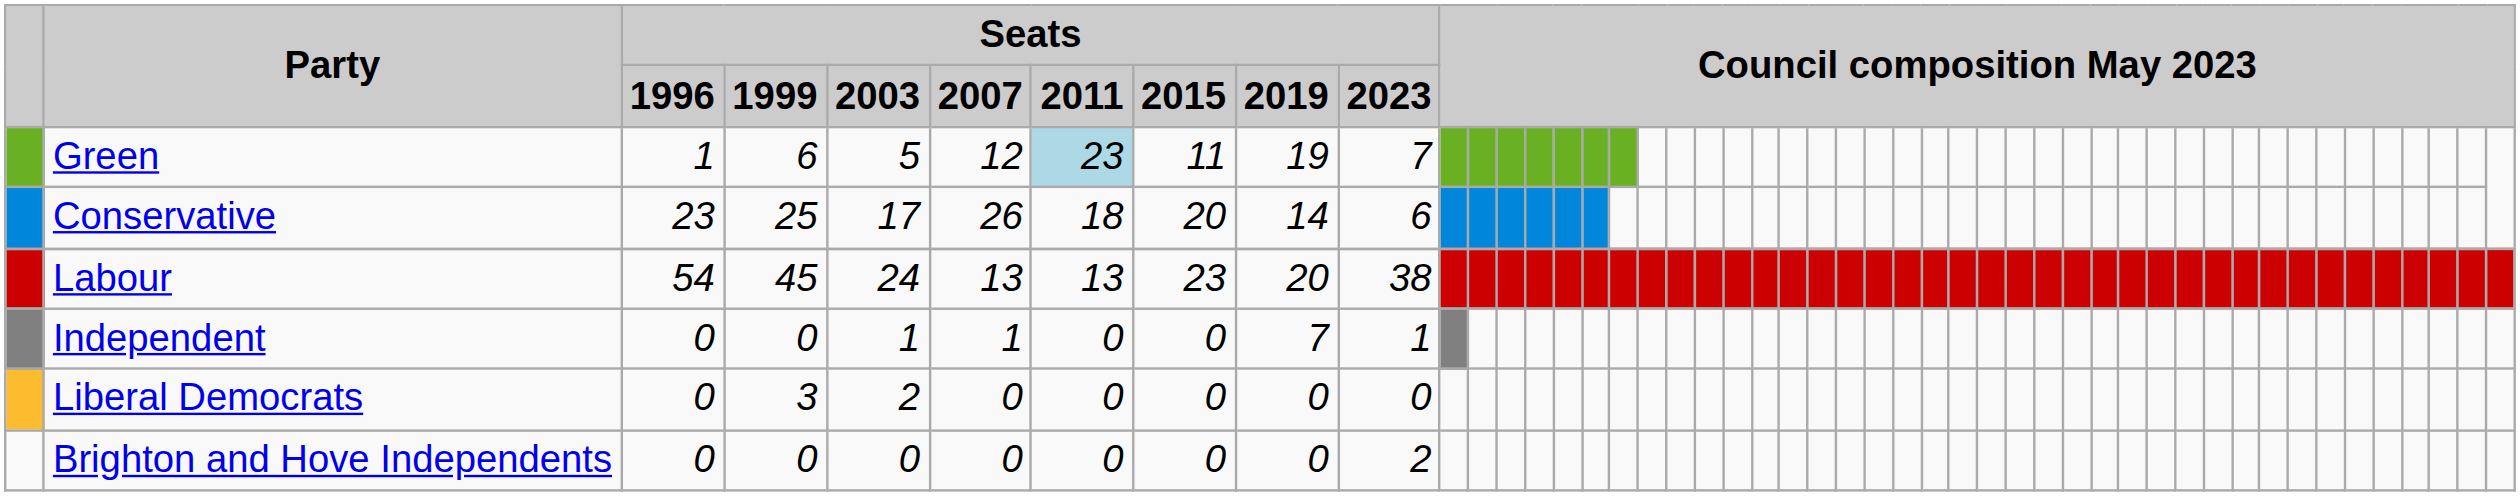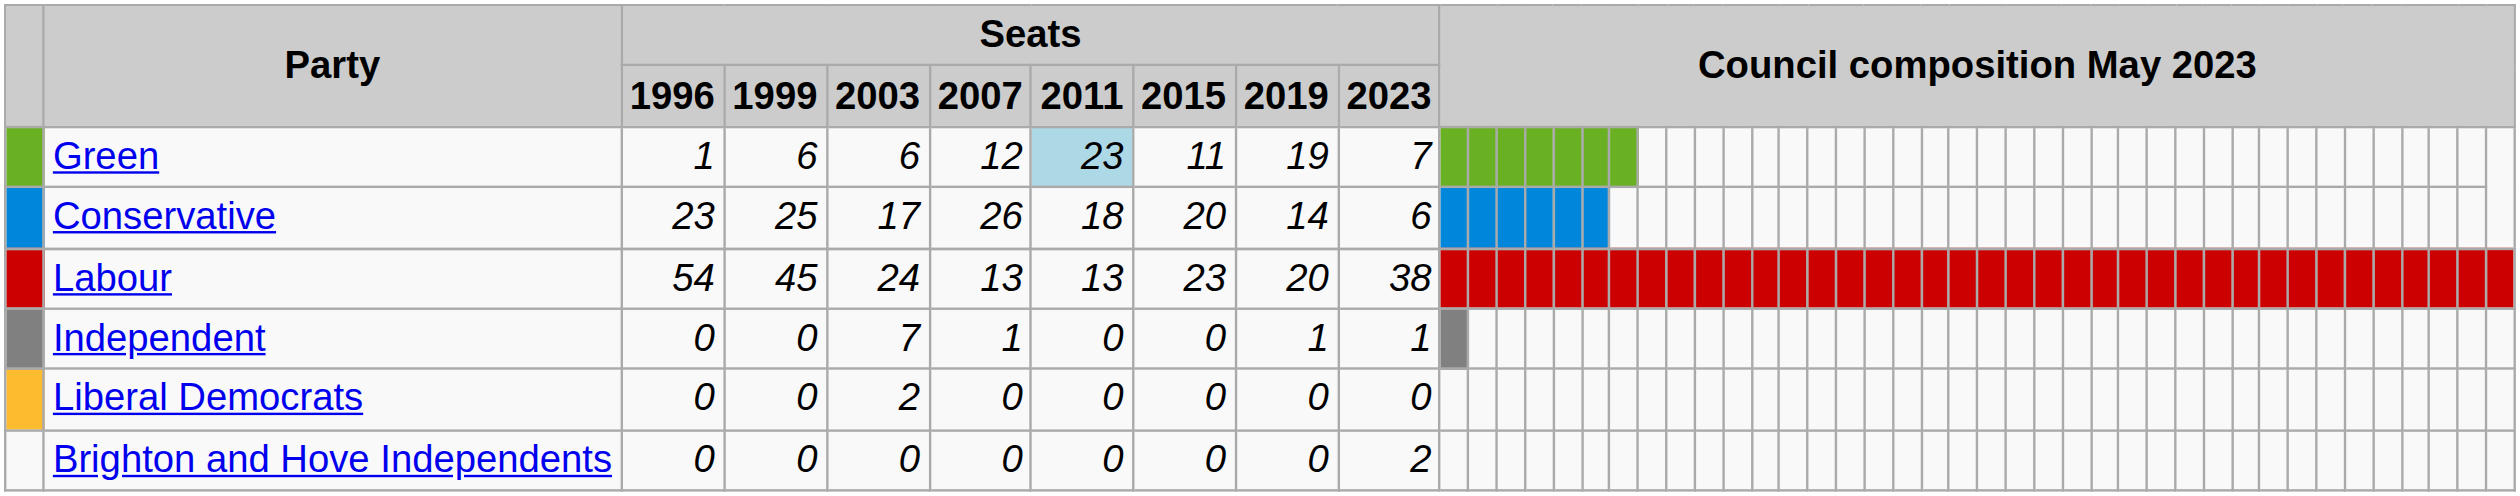 <table class="wikitable">
 <tr>
 <th style="background:#ccc" rowspan="2">  </th>
 <th style="background:#ccc" rowspan="2">Party</th>
 <th style="background:#ccc" colspan="8">Seats</th>
 <th style="background:#ccc" colspan="54" rowspan="2">Council composition May 2023</th>
 </tr>
 <tr>
 <th style="background:#ccc">1996</th>
 <th style="background:#ccc">1999</th>
 <th style="background:#ccc">2003</th>
 <th style="background:#ccc">2007</th>
 <th style="background:#ccc">2011</th>
 <th style="background:#ccc">2015</th>
 <th style="background:#ccc">2019</th>
 <th style="background:#ccc">2023</th>
 </tr>
 <tr>
 <td style="background:#6AB023"> </td>
 <td><a href='#'>Green</a></td>
 <td style="text-align: right"><em>1</em></td>
 <td style="text-align: right"><em>6</em></td>
-<td style="text-align: right"><em>5</em></td>
+<td style="text-align: right"><em>6</em></td>
 <td style="text-align: right"><em>12</em></td>
 <td style="background: lightblue; text-align: right"><em>23</em></td>
 <td style="text-align: right"><em>11</em></td>
 <td style="text-align: right"><em>19</em></td>
 <td style="text-align: right"><em>7</em></td>
 <td style="background:#6AB023"> </td>
 <td style="background:#6AB023"> </td>
 <td style="background:#6AB023"> </td>
 <td style="background:#6AB023"> </td>
 <td style="background:#6AB023"> </td>
 <td style="background:#6AB023"> </td>
 <td style="background:#6AB023"> </td>
 <td> </td>
 <td> </td>
 <td> </td>
 <td> </td>
 <td> </td>
 <td> </td>
 <td> </td>
 <td> </td>
 <td> </td>
 <td> </td>
 <td> </td>
 <td> </td>
 <td> </td>
 <td> </td>
 <td> </td>
 <td> </td>
 <td> </td>
 <td> </td>
 <td> </td>
 <td> </td>
 <td> </td>
 <td> </td>
 <td> </td>
 <td> </td>
 <td> </td>
 <td> </td>
 <td> </td>
 <td> </td>
 <td> </td>
 <td> </td>
 </tr>
 <tr>
 <td style="background:#0087DC"> </td>
 <td><a href='#'>Conservative</a></td>
 <td style="text-align: right"><em>23</em></td>
 <td style="text-align: right"><em>25</em></td>
 <td style="text-align: right"><em>17</em></td>
 <td style="text-align: right"><em>26</em></td>
 <td style="text-align: right"><em>18</em></td>
 <td style="text-align: right"><em>20</em></td>
 <td style="text-align: right"><em>14</em></td>
 <td style="text-align: right"><em>6</em></td>
 <td style="background:#0087DC"> </td>
 <td style="background:#0087DC"> </td>
 <td style="background:#0087DC"> </td>
 <td style="background:#0087DC"> </td>
 <td style="background:#0087DC"> </td>
 <td style="background:#0087DC"> </td>
 <td> </td>
 <td> </td>
 <td> </td>
 <td> </td>
 <td> </td>
 <td> </td>
 <td> </td>
 <td> </td>
 <td> </td>
 <td> </td>
 <td> </td>
 <td> </td>
 <td> </td>
 <td> </td>
 <td> </td>
 <td> </td>
 <td> </td>
 <td> </td>
 <td> </td>
 <td> </td>
 <td> </td>
 <td> </td>
 <td> </td>
 <td> </td>
 <td> </td>
 <td> </td>
 <td> </td>
 <td> </td>
 <td> </td>
 <td> </td>
 <td> </td>
 </tr>
 <tr>
 </tr>
 <tr>
 <td style="background:#c00"> </td>
 <td><a href='#'>Labour</a></td>
 <td style="text-align: right"><em>54</em></td>
 <td style="text-align: right"><em>45</em></td>
 <td style="text-align: right"><em>24</em></td>
 <td style="text-align: right"><em>13</em></td>
 <td style="text-align: right"><em>13</em></td>
 <td style="text-align: right"><em>23</em></td>
 <td style="text-align: right"><em>20</em></td>
 <td style="text-align: right"><em>38</em></td>
 <td style="background:#c00"> </td>
 <td style="background:#c00"> </td>
 <td style="background:#c00"> </td>
 <td style="background:#c00"> </td>
 <td style="background:#c00"> </td>
 <td style="background:#c00"> </td>
 <td style="background:#c00"> </td>
 <td style="background:#c00"> </td>
 <td style="background:#c00"> </td>
 <td style="background:#c00"> </td>
 <td style="background:#c00"> </td>
 <td style="background:#c00"> </td>
 <td style="background:#c00"> </td>
 <td style="background:#c00"> </td>
 <td style="background:#c00"> </td>
 <td style="background:#c00"> </td>
 <td style="background:#c00"> </td>
 <td style="background:#c00"> </td>
 <td style="background:#c00"> </td>
 <td style="background:#c00"> </td>
 <td style="background:#c00"> </td>
 <td style="background:#c00"> </td>
 <td style="background:#c00"> </td>
 <td style="background:#c00"> </td>
 <td style="background:#c00"> </td>
 <td style="background:#c00"> </td>
 <td style="background:#c00"> </td>
 <td style="background:#c00"> </td>
 <td style="background:#c00"> </td>
 <td style="background:#c00"> </td>
 <td style="background:#c00"> </td>
 <td style="background:#c00"> </td>
 <td style="background:#c00"> </td>
 <td style="background:#c00"> </td>
 <td style="background:#c00"> </td>
 <td style="background:#c00"> </td>
 <td style="background:#c00"> </td>
 <td style="background:#c00"> </td>
 </tr>
 <tr>
 <td style="background:gray"> </td>
 <td><a href='#'>Independent</a></td>
 <td style="text-align: right"><em>0</em></td>
 <td style="text-align: right"><em>0</em></td>
-<td style="text-align: right"><em>1</em></td>
+<td style="text-align: right"><em>7</em></td>
 <td style="text-align: right"><em>1</em></td>
 <td style="text-align: right"><em>0</em></td>
 <td style="text-align: right"><em>0</em></td>
-<td style="text-align: right"><em>7</em></td>
+<td style="text-align: right"><em>1</em></td>
 <td style="text-align: right"><em>1</em></td>
 <td style="background:gray"> </td>
 <td> </td>
 <td> </td>
 <td> </td>
 <td> </td>
 <td> </td>
 <td> </td>
 <td> </td>
 <td> </td>
 <td> </td>
 <td> </td>
 <td> </td>
 <td> </td>
 <td> </td>
 <td> </td>
 <td> </td>
 <td> </td>
 <td> </td>
 <td> </td>
 <td> </td>
 <td> </td>
 <td> </td>
 <td> </td>
 <td> </td>
 <td> </td>
 <td> </td>
 <td> </td>
 <td> </td>
 <td> </td>
 <td> </td>
 <td> </td>
 <td> </td>
 <td> </td>
 <td> </td>
 <td> </td>
 <td> </td>
 <td> </td>
 <td> </td>
 </tr>
 <tr>
 <td style="background:#FDBB30"> </td>
 <td><a href='#'>Liberal Democrats</a></td>
 <td style="text-align: right"><em>0</em></td>
-<td style="text-align: right"><em>3</em></td>
+<td style="text-align: right"><em>0</em></td>
 <td style="text-align: right"><em>2</em></td>
 <td style="text-align: right"><em>0</em></td>
 <td style="text-align: right"><em>0</em></td>
 <td style="text-align: right"><em>0</em></td>
 <td style="text-align: right"><em>0</em></td>
 <td style="text-align: right"><em>0</em></td>
 <td> </td>
 <td> </td>
 <td> </td>
 <td> </td>
 <td> </td>
 <td> </td>
 <td> </td>
 <td> </td>
 <td> </td>
 <td> </td>
 <td> </td>
 <td> </td>
 <td> </td>
 <td> </td>
 <td> </td>
 <td> </td>
 <td> </td>
 <td> </td>
 <td> </td>
 <td> </td>
 <td> </td>
 <td> </td>
 <td> </td>
 <td> </td>
 <td> </td>
 <td> </td>
 <td> </td>
 <td> </td>
 <td> </td>
 <td> </td>
 <td> </td>
 <td> </td>
 <td> </td>
 <td> </td>
 <td> </td>
 <td> </td>
 <td> </td>
 </tr>
 <tr>
 <td style="background:"> </td>
 <td><a href='#'>Brighton and Hove Independents</a></td>
 <td style="text-align: right"><em>0</em></td>
 <td style="text-align: right"><em>0</em></td>
 <td style="text-align: right"><em>0</em></td>
 <td style="text-align: right"><em>0</em></td>
 <td style="text-align: right"><em>0</em></td>
 <td style="text-align: right"><em>0</em></td>
 <td style="text-align: right"><em>0</em></td>
 <td style="text-align: right"><em>2</em></td>
 <td style="background:"> </td>
 <td style="background:"> </td>
 <td> </td>
 <td> </td>
 <td> </td>
 <td> </td>
 <td> </td>
 <td> </td>
 <td> </td>
 <td> </td>
 <td> </td>
 <td> </td>
 <td> </td>
 <td> </td>
 <td> </td>
 <td> </td>
 <td> </td>
 <td> </td>
 <td> </td>
 <td> </td>
 <td> </td>
 <td> </td>
 <td> </td>
 <td> </td>
 <td> </td>
 <td> </td>
 <td> </td>
 <td> </td>
 <td> </td>
 <td> </td>
 <td> </td>
 <td> </td>
 <td> </td>
 <td> </td>
 <td> </td>
 <td> </td>
 <td> </td>
 <td> </td>
 </tr>
 </table>
